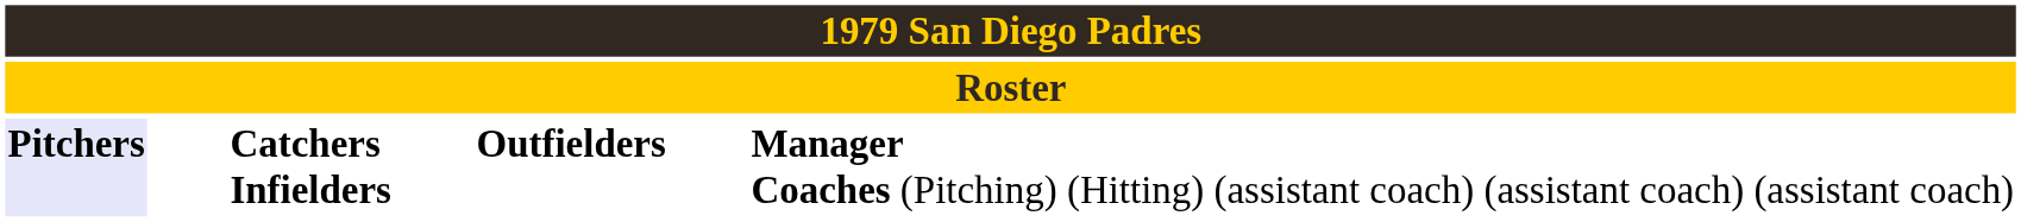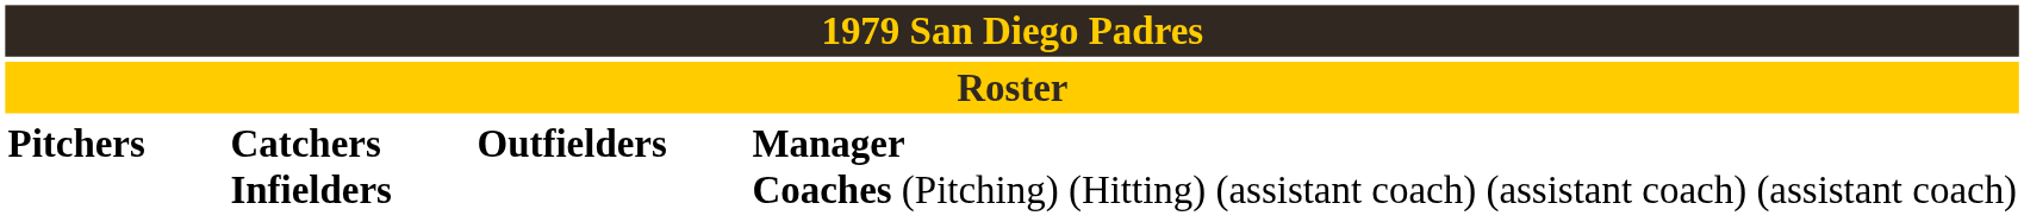 <table class="toccolours" style="font-size: 95%;">
 <tr>
 <th colspan="10" style="background-color: #312821; color: #FFCC00; text-align: center;">1979 San Diego Padres</th>
 </tr>
 <tr>
 <td colspan="10" style="background-color: #FFCC00; color: #312821; text-align: center;"><strong>Roster</strong></td>
 </tr>
 <tr>
-<td valign="top" style="background: lavender;"><strong>Pitchers</strong><br>            </td>
+<td valign="top"><strong>Pitchers</strong><br>            </td>
 <td width="25px"></td>
 <td valign="top"><strong>Catchers</strong><br>   <strong>Infielders</strong>            </td>
 <td width="25px"></td>
 <td valign="top"><strong>Outfielders</strong><br>      </td>
 <td width="25px"></td>
 <td valign="top"><strong>Manager</strong><br> <strong>Coaches</strong>  (Pitching)  (Hitting)  (assistant coach)  (assistant coach)  (assistant coach)</td>
 </tr>
 </table>
